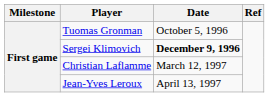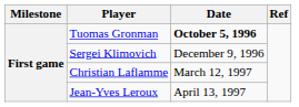 <table class="wikitable">
 <tr>
 <th scope="col">Milestone</th>
 <th scope="col">Player</th>
 <th scope="col">Date</th>
 <th scope="col">Ref</th>
 </tr>
 <tr>
 <th rowspan=4>First game</th>
 <td><a href='#'>Tuomas Gronman</a></td>
-<td>October 5, 1996</td>
+<td><strong>October 5, 1996</strong></td>
 <td rowspan=4></td>
 </tr>
 <tr>
 <td><a href='#'>Sergei Klimovich</a></td>
-<td><strong>December 9, 1996</strong></td>
+<td>December 9, 1996</td>
 </tr>
 <tr>
 <td><a href='#'>Christian Laflamme</a></td>
 <td>March 12, 1997</td>
 </tr>
 <tr>
 <td><a href='#'>Jean-Yves Leroux</a></td>
 <td>April 13, 1997</td>
 </tr>
 </table>
